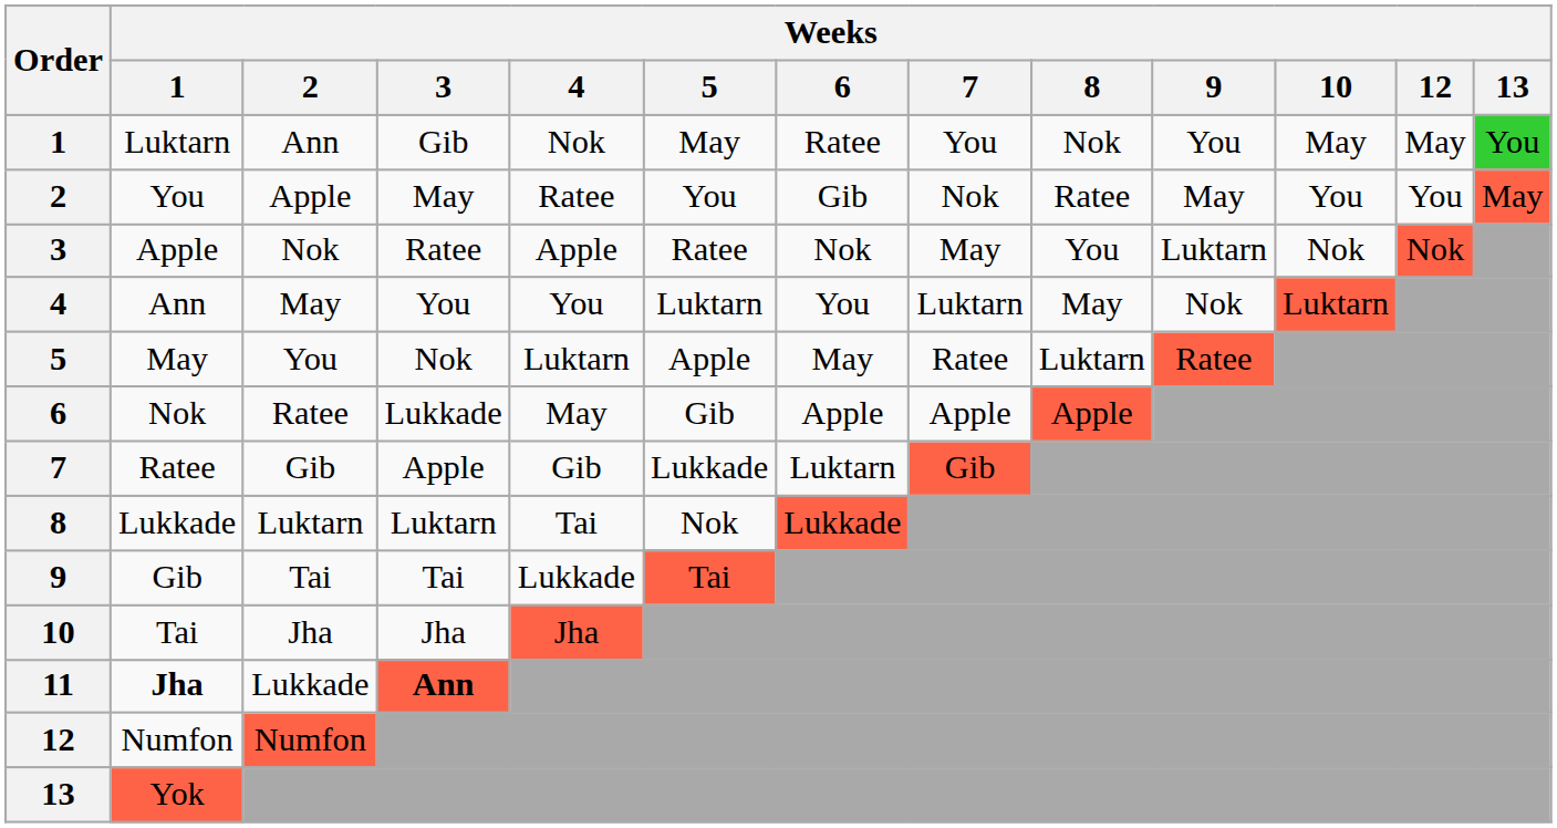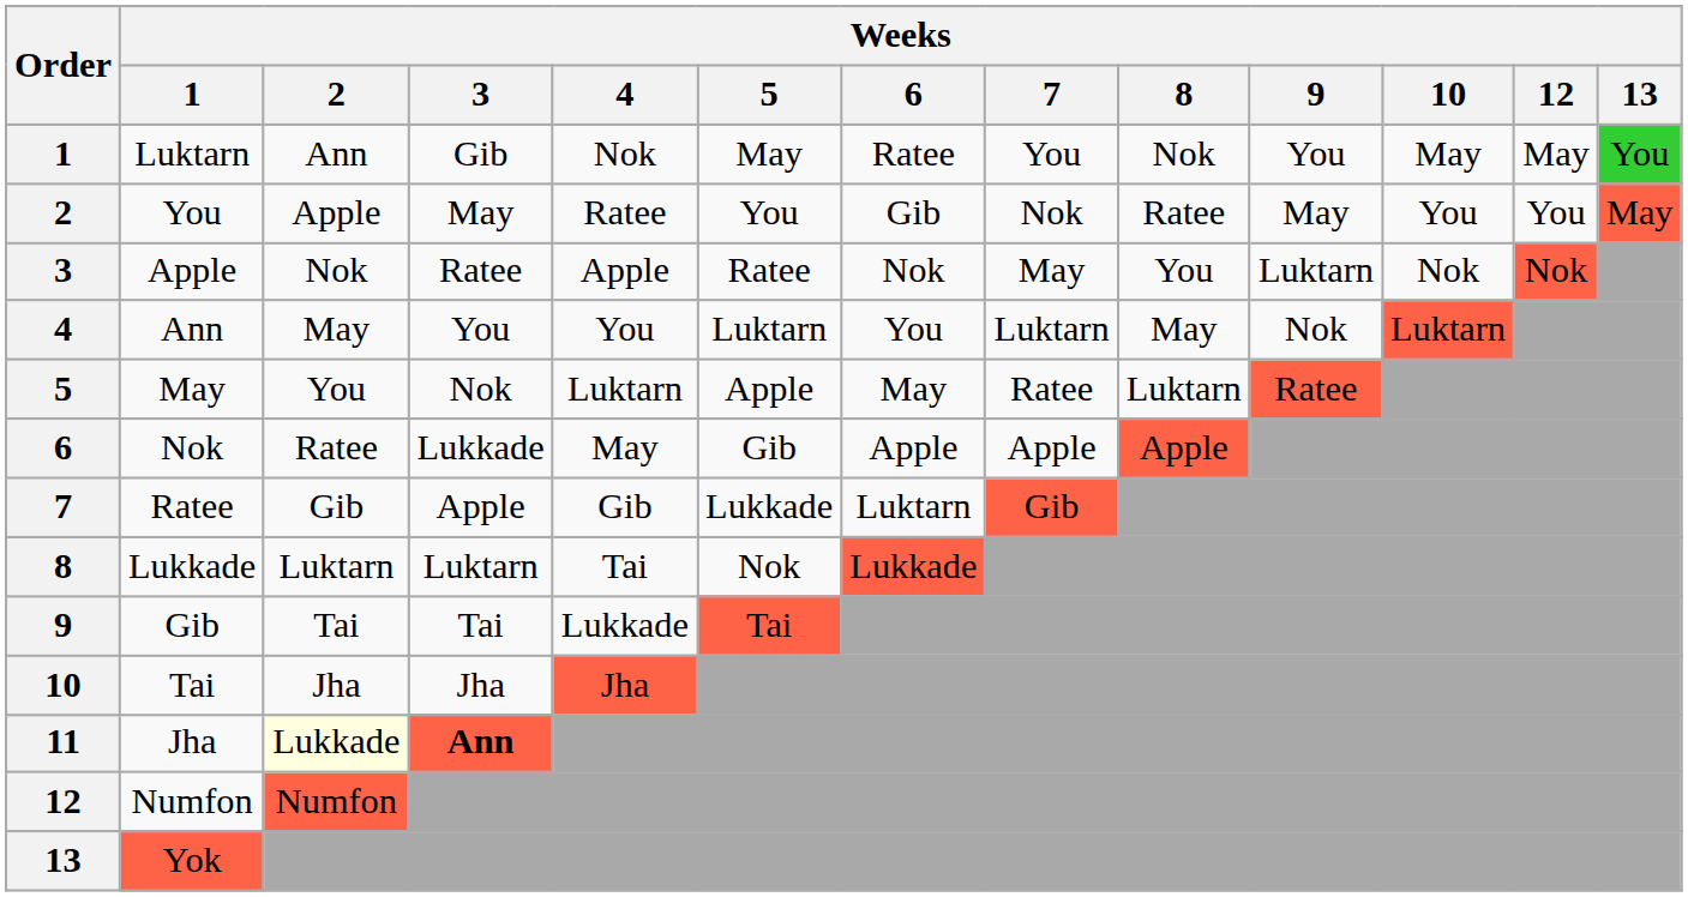 <table class="wikitable" style="text-align:center; font-size:92%">
 <tr>
 <th rowspan=2>Order</th>
 <th colspan=13>Weeks</th>
 </tr>
 <tr>
 <th>1</th>
 <th>2</th>
 <th>3</th>
 <th>4</th>
 <th>5</th>
 <th>6</th>
 <th>7</th>
 <th>8</th>
 <th>9</th>
 <th>10</th>
 <th>12</th>
 <th>13</th>
 </tr>
 <tr>
 <th>1</th>
 <td>Luktarn</td>
 <td>Ann</td>
 <td>Gib</td>
 <td>Nok</td>
 <td>May</td>
 <td>Ratee</td>
 <td>You</td>
 <td>Nok</td>
 <td>You</td>
 <td>May</td>
 <td>May</td>
 <td style="background-color:limegreen;">You</td>
 </tr>
 <tr>
 <th>2</th>
 <td>You</td>
 <td>Apple</td>
 <td>May</td>
 <td>Ratee</td>
 <td>You</td>
 <td>Gib</td>
 <td>Nok</td>
 <td>Ratee</td>
 <td>May</td>
 <td>You</td>
 <td>You</td>
 <td style="background-color:tomato;">May</td>
 </tr>
 <tr>
 <th>3</th>
 <td>Apple</td>
 <td>Nok</td>
 <td>Ratee</td>
 <td>Apple</td>
 <td>Ratee</td>
 <td>Nok</td>
 <td>May</td>
 <td>You</td>
 <td>Luktarn</td>
 <td>Nok</td>
 <td style="background-color:tomato;">Nok</td>
 <td bgcolor="darkgray" colspan="2"></td>
 </tr>
 <tr>
 <th>4</th>
 <td>Ann</td>
 <td>May</td>
 <td>You</td>
 <td>You</td>
 <td>Luktarn</td>
 <td>You</td>
 <td>Luktarn</td>
 <td>May</td>
 <td>Nok</td>
 <td style="background-color:tomato;">Luktarn</td>
 <td bgcolor="darkgray" colspan="3"></td>
 </tr>
 <tr>
 <th>5</th>
 <td>May</td>
 <td>You</td>
 <td>Nok</td>
 <td>Luktarn</td>
 <td>Apple</td>
 <td>May</td>
 <td>Ratee</td>
 <td>Luktarn</td>
 <td style="background-color:tomato;">Ratee</td>
 <td bgcolor="darkgray" colspan="4"></td>
 </tr>
 <tr>
 <th>6</th>
 <td>Nok</td>
 <td>Ratee</td>
 <td>Lukkade</td>
 <td>May</td>
 <td>Gib</td>
 <td>Apple</td>
 <td>Apple</td>
 <td style="background-color:tomato;">Apple</td>
 <td bgcolor="darkgray" colspan="5"></td>
 </tr>
 <tr>
 <th>7</th>
 <td>Ratee</td>
 <td>Gib</td>
 <td>Apple</td>
 <td>Gib</td>
 <td>Lukkade</td>
 <td>Luktarn</td>
 <td style="background-color:tomato;">Gib</td>
 <td colspan="6" bgcolor="darkgray"></td>
 </tr>
 <tr>
 <th>8</th>
 <td>Lukkade</td>
 <td>Luktarn</td>
 <td>Luktarn</td>
 <td>Tai</td>
 <td>Nok</td>
 <td style="background-color:tomato;">Lukkade</td>
 <td bgcolor="darkgray" colspan="7"></td>
 </tr>
 <tr>
 <th>9</th>
 <td>Gib</td>
 <td>Tai</td>
 <td>Tai</td>
 <td>Lukkade</td>
 <td style="background-color:tomato;">Tai</td>
 <td bgcolor="darkgray" colspan="8"></td>
 </tr>
 <tr>
 <th>10</th>
 <td>Tai</td>
 <td>Jha</td>
 <td>Jha</td>
 <td style="background-color:tomato;">Jha</td>
 <td bgcolor="darkgray" colspan="19"></td>
 </tr>
 <tr>
 <th>11</th>
-<td><strong>Jha</strong></td>
-<td>Lukkade</td>
+<td>Jha</td>
+<td style="background: lightyellow;">Lukkade</td>
 <td style="background:tomato"><strong>Ann</strong></td>
 <td bgcolor="darkgray" colspan="10"></td>
 </tr>
 <tr>
 <th>12</th>
 <td>Numfon</td>
 <td style="background-color:tomato;">Numfon</td>
 <td bgcolor="darkgray" colspan="11"></td>
 </tr>
 <tr>
 <th>13</th>
 <td style="background:tomato;">Yok</td>
 <td bgcolor="darkgray" colspan="12"></td>
 </tr>
 </table>
